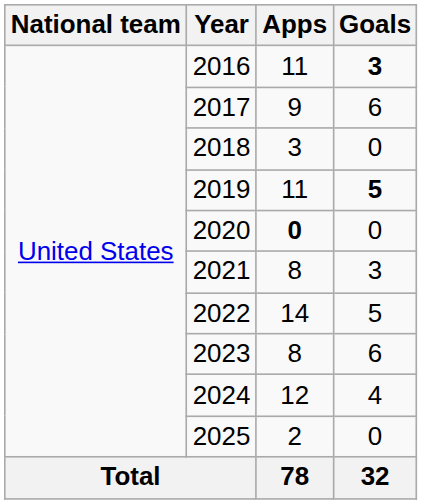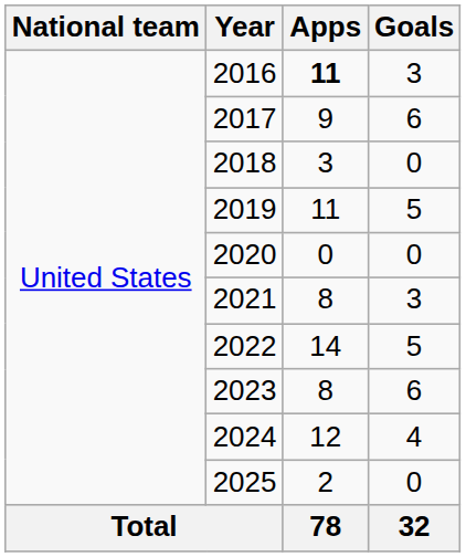 <table class=wikitable style=text-align:center>
 <tr>
 <th>National team</th>
 <th>Year</th>
 <th>Apps</th>
 <th>Goals</th>
 </tr>
 <tr>
 <td rowspan="10"><a href='#'>United States</a></td>
 <td>2016</td>
-<td>11</td>
-<td><strong>3</strong></td>
+<td><strong>11</strong></td>
+<td>3</td>
 </tr>
 <tr>
 <td>2017</td>
 <td>9</td>
 <td>6</td>
 </tr>
 <tr>
 <td>2018</td>
 <td>3</td>
 <td>0</td>
 </tr>
 <tr>
 <td>2019</td>
 <td>11</td>
-<td><strong>5</strong></td>
+<td>5</td>
 </tr>
 <tr>
 <td>2020</td>
-<td><strong>0</strong></td>
+<td>0</td>
 <td>0</td>
 </tr>
 <tr>
 <td>2021</td>
 <td>8</td>
 <td>3</td>
 </tr>
 <tr>
 <td>2022</td>
 <td>14</td>
 <td>5</td>
 </tr>
 <tr>
 <td>2023</td>
 <td>8</td>
 <td>6</td>
 </tr>
 <tr>
 <td>2024</td>
 <td>12</td>
 <td>4</td>
 </tr>
 <tr>
 <td>2025</td>
 <td>2</td>
 <td>0</td>
 </tr>
 <tr>
 <th colspan=2>Total</th>
 <th>78</th>
 <th>32</th>
 </tr>
 </table>
